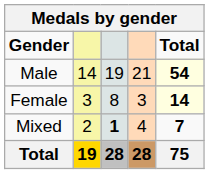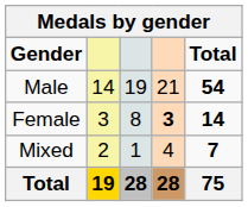 <table class="wikitable" style="font-size:85%">
 <tr style="background:#efefef;">
 <th colspan=7><strong>Medals by gender</strong></th>
 </tr>
 <tr align=center>
 <td><strong>Gender</strong></td>
 <td bgcolor=#f7f6a8></td>
 <td bgcolor=#dce5e5></td>
 <td bgcolor=#ffdab9></td>
 <td><strong>Total</strong></td>
 </tr>
 <tr align=center>
 <td>Male</td>
 <td style="background:#F7F6A8;">14</td>
 <td style="background:#DCE5E5;">19</td>
 <td style="background:#FFDAB9;">21</td>
-<td style="background: lightyellow;"><strong>54</strong></td>
+<td><strong>54</strong></td>
 </tr>
 <tr align=center>
 <td>Female</td>
 <td style="background:#F7F6A8;">3</td>
 <td style="background:#DCE5E5;">8</td>
-<td style="background:#FFDAB9;">3</td>
-<td style="background: lightyellow;"><strong>14</strong></td>
+<td style="background:#FFDAB9;"><strong>3</strong></td>
+<td><strong>14</strong></td>
 </tr>
 <tr align=center>
 <td>Mixed</td>
 <td style="background:#F7F6A8;">2</td>
-<td style="background:#DCE5E5;"><strong>1</strong></td>
+<td style="background:#DCE5E5;">1</td>
 <td style="background:#FFDAB9;">4</td>
 <td><strong>7</strong></td>
 </tr>
 <tr align=center>
 <th><strong>Total</strong></th>
 <th style="background:gold;"><strong>19</strong></th>
 <th style="background:silver;"><strong>28</strong></th>
 <th style="background:#c96;"><strong>28</strong></th>
 <th><strong>75</strong></th>
 </tr>
 </table>
